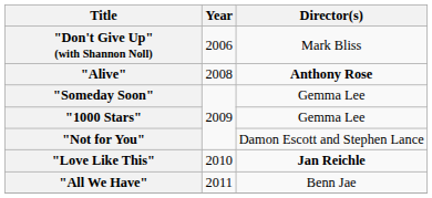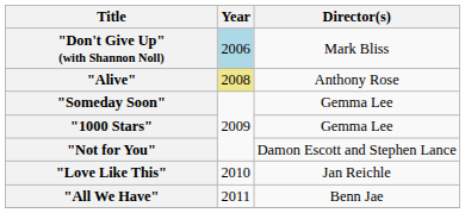 <table class="wikitable plainrowheaders" style="text-align:center;" border="1">
 <tr>
 <th scope="col" style="width:14em;">Title</th>
 <th scope="col">Year</th>
 <th scope="col">Director(s)</th>
 </tr>
 <tr>
 <th scope="row">"Don't Give Up"<br><small>(with Shannon Noll)</small></th>
-<td>2006</td>
+<td style="background: lightblue;">2006</td>
 <td>Mark Bliss</td>
 </tr>
 <tr>
 <th scope="row">"Alive"</th>
-<td>2008</td>
-<td><strong>Anthony Rose</strong></td>
+<td style="background: khaki;">2008</td>
+<td>Anthony Rose</td>
 </tr>
 <tr>
 <th scope="row">"Someday Soon"</th>
 <td rowspan="3">2009</td>
 <td>Gemma Lee</td>
 </tr>
 <tr>
 <th scope="row">"1000 Stars"</th>
 <td>Gemma Lee</td>
 </tr>
 <tr>
 <th scope="row">"Not for You"</th>
 <td>Damon Escott and Stephen Lance</td>
 </tr>
 <tr>
 <th scope="row">"Love Like This"</th>
 <td>2010</td>
-<td><strong>Jan Reichle</strong></td>
+<td>Jan Reichle</td>
 </tr>
 <tr>
 <th scope="row">"All We Have"</th>
 <td>2011</td>
 <td>Benn Jae</td>
 </tr>
 <tr>
 </tr>
 </table>
